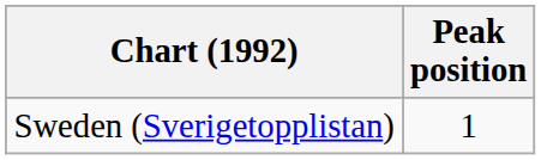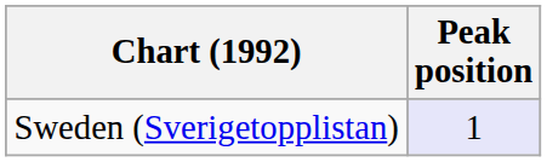 <table class="wikitable">
 <tr>
 <th>Chart (1992)</th>
 <th>Peak<br>position</th>
 </tr>
 <tr>
 <td>Sweden (<a href='#'>Sverigetopplistan</a>)</td>
-<td align="center">1</td>
+<td align="center" style="background: lavender;">1</td>
 </tr>
 </table>
